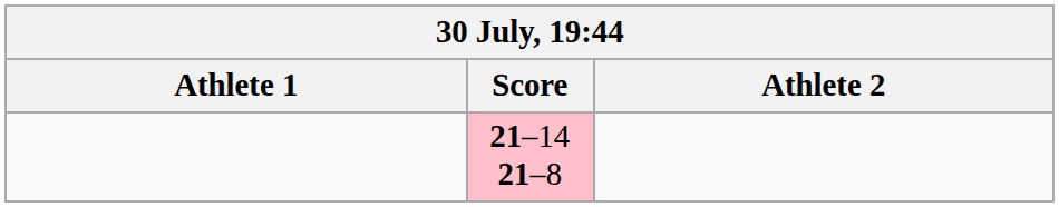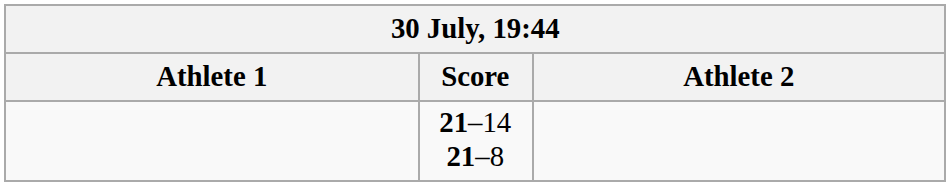 <table class="wikitable" style="text-align: center; font-size:90% ">
 <tr>
 <th colspan=3>30 July, 19:44</th>
 </tr>
 <tr>
 <th align="right" width="200">Athlete 1</th>
 <th width="50">Score</th>
 <th align="left" width="200">Athlete 2</th>
 </tr>
 <tr>
 <td align=right><strong></strong></td>
-<td align=center style="background: pink;"><strong>21</strong>–14<br><strong>21</strong>–8</td>
+<td align=center><strong>21</strong>–14<br><strong>21</strong>–8</td>
 <td align=left></td>
 </tr>
 </table>
